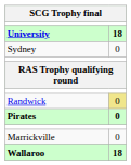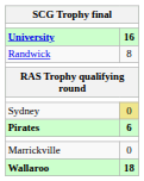 <table align="right" class="wikitable" style="font-size:90%; text-align:center; margin-left:1em; margin-right:4em">
 <tr bgcolor=#ccffcc>
 <th colspan=2>SCG Trophy final</th>
 </tr>
 <tr bgcolor=#fff>
 <td colspan=2></td>
 </tr>
 <tr bgcolor=#ccffcc>
 <td align=left> <a href='#'><strong>University</strong></a></td>
-<td width=20><strong>18</strong></td>
+<td width=20><strong>16</strong></td>
 </tr>
 <tr>
-<td align=left>Sydney</td>
-<td>0</td>
+<td width=150; align=left> <a href='#'>Randwick</a></td>
+<td>8</td>
 </tr>
 <tr bgcolor=#fff>
 <td colspan=2></td>
 </tr>
 <tr bgcolor=#ccffcc>
 <th colspan=2>RAS Trophy qualifying round</th>
 </tr>
 <tr bgcolor=#fff>
 <td colspan=2></td>
 </tr>
 <tr>
-<td width=150; align=left> <a href='#'>Randwick</a></td>
+<td align=left>Sydney</td>
 <td width=20 style="background: khaki;">0</td>
 </tr>
 <tr bgcolor=#ccffcc>
 <td align=left> <strong>Pirates</strong></td>
-<td><strong>0</strong></td>
+<td><strong>6</strong></td>
 </tr>
 <tr bgcolor=#fff>
 <td colspan=2></td>
 </tr>
 <tr>
 <td align=left>Marrickville</td>
 <td>0</td>
 </tr>
 <tr bgcolor=#ccffcc>
 <td width=150; align=left> <strong>Wallaroo</strong></td>
 <td><strong>18</strong></td>
 </tr>
 </table>
